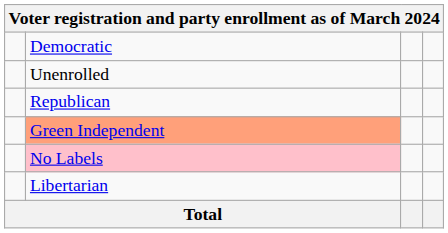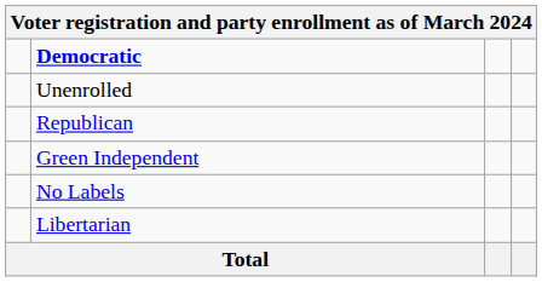 <table class=wikitable>
 <tr>
 <th colspan = 6>Voter registration and party enrollment as of March 2024</th>
 </tr>
 <tr>
 <td></td>
-<td><a href='#'>Democratic</a></td>
+<td><strong><a href='#'>Democratic</a></strong></td>
 <td align = center></td>
 <td align = center></td>
 </tr>
 <tr>
 <td></td>
 <td>Unenrolled</td>
 <td align = center></td>
 <td align = center></td>
 </tr>
 <tr>
 <td></td>
 <td><a href='#'>Republican</a></td>
 <td align = center></td>
 <td align = center></td>
 </tr>
 <tr>
 <td></td>
-<td style="background: lightsalmon;"><a href='#'>Green Independent</a></td>
+<td><a href='#'>Green Independent</a></td>
 <td align = center></td>
 <td align = center></td>
 </tr>
 <tr>
 <td></td>
-<td style="background: pink;"><a href='#'>No Labels</a></td>
+<td><a href='#'>No Labels</a></td>
 <td align = center></td>
 <td align = center></td>
 </tr>
 <tr>
 <td></td>
 <td><a href='#'>Libertarian</a></td>
 <td align = center></td>
 <td align = center></td>
 </tr>
 <tr>
 <th colspan = 2>Total</th>
 <th align = center></th>
 <th align = center></th>
 </tr>
 </table>
